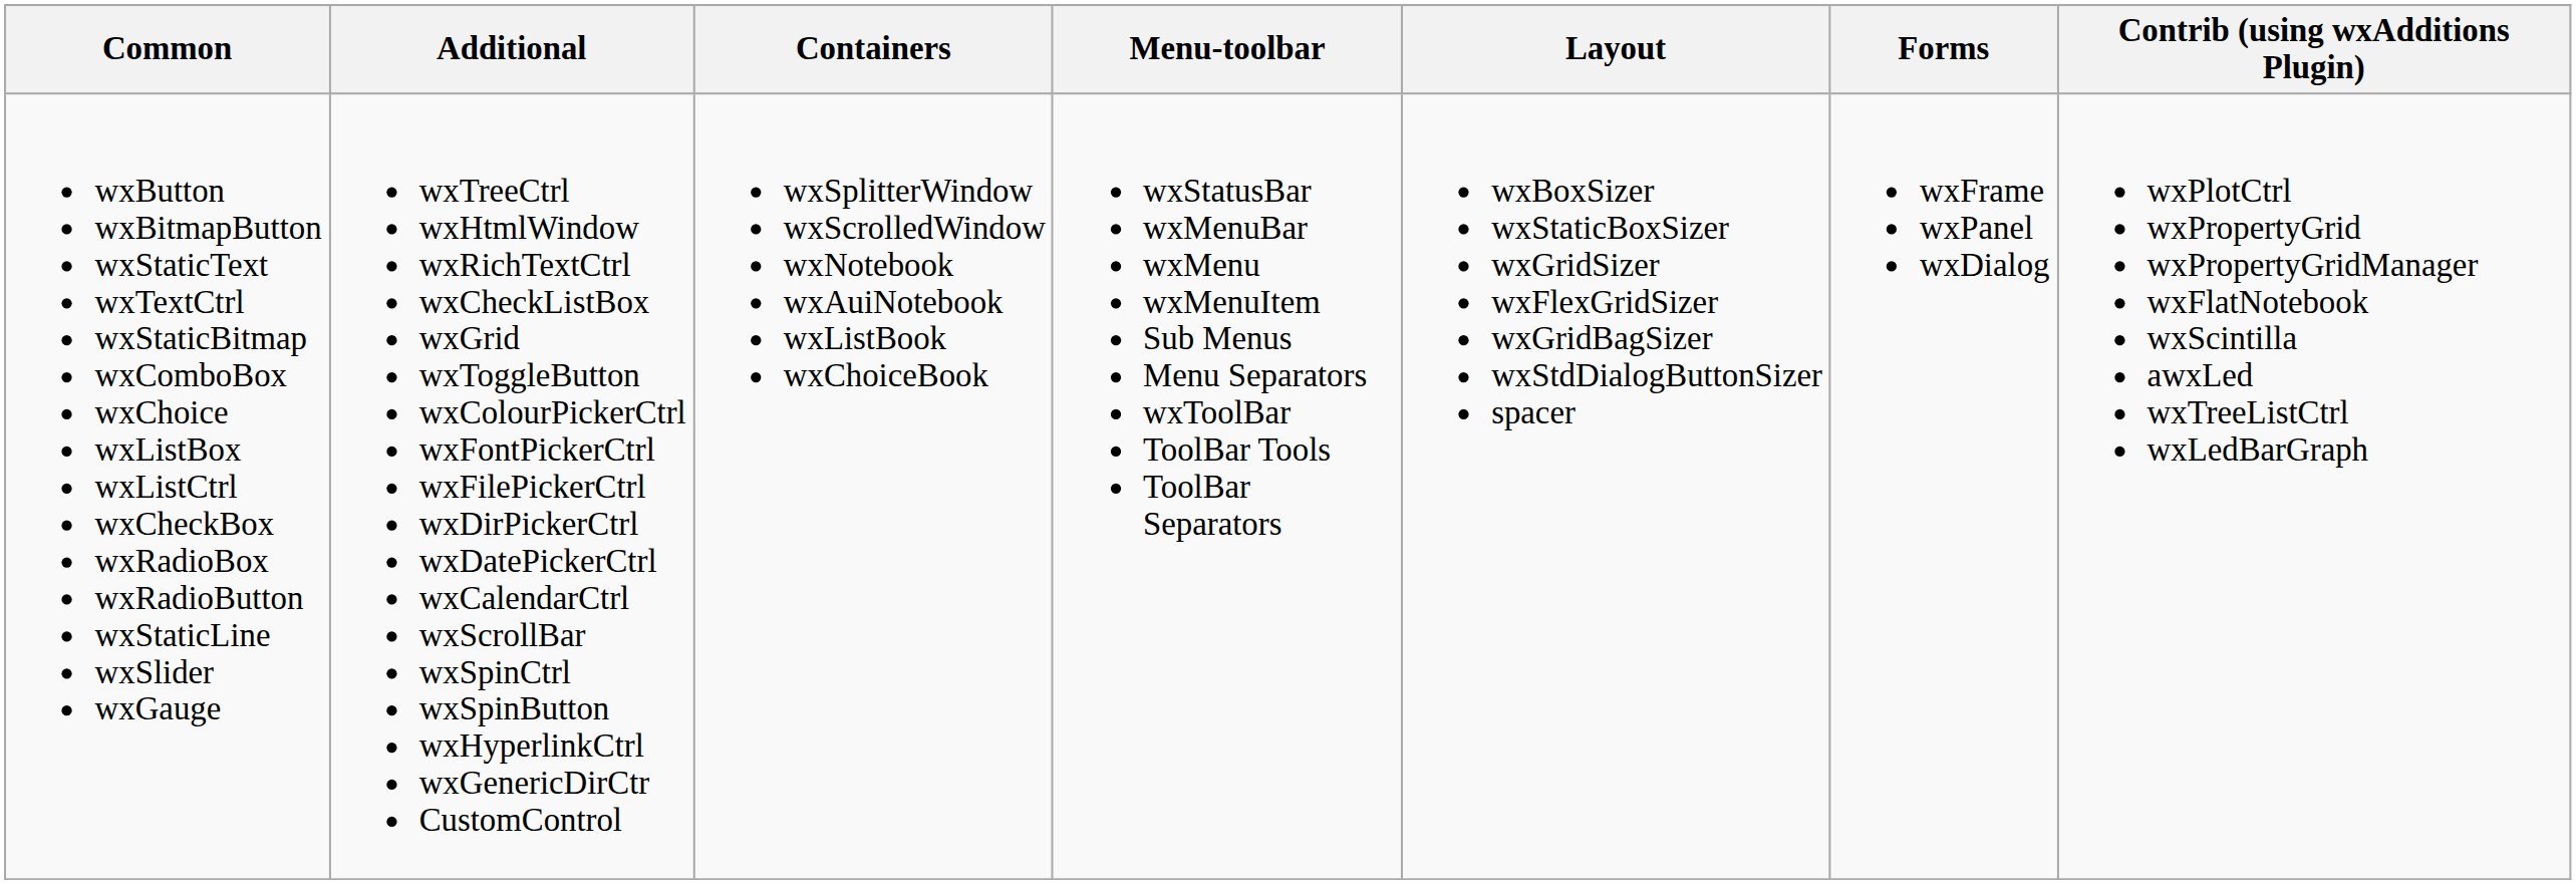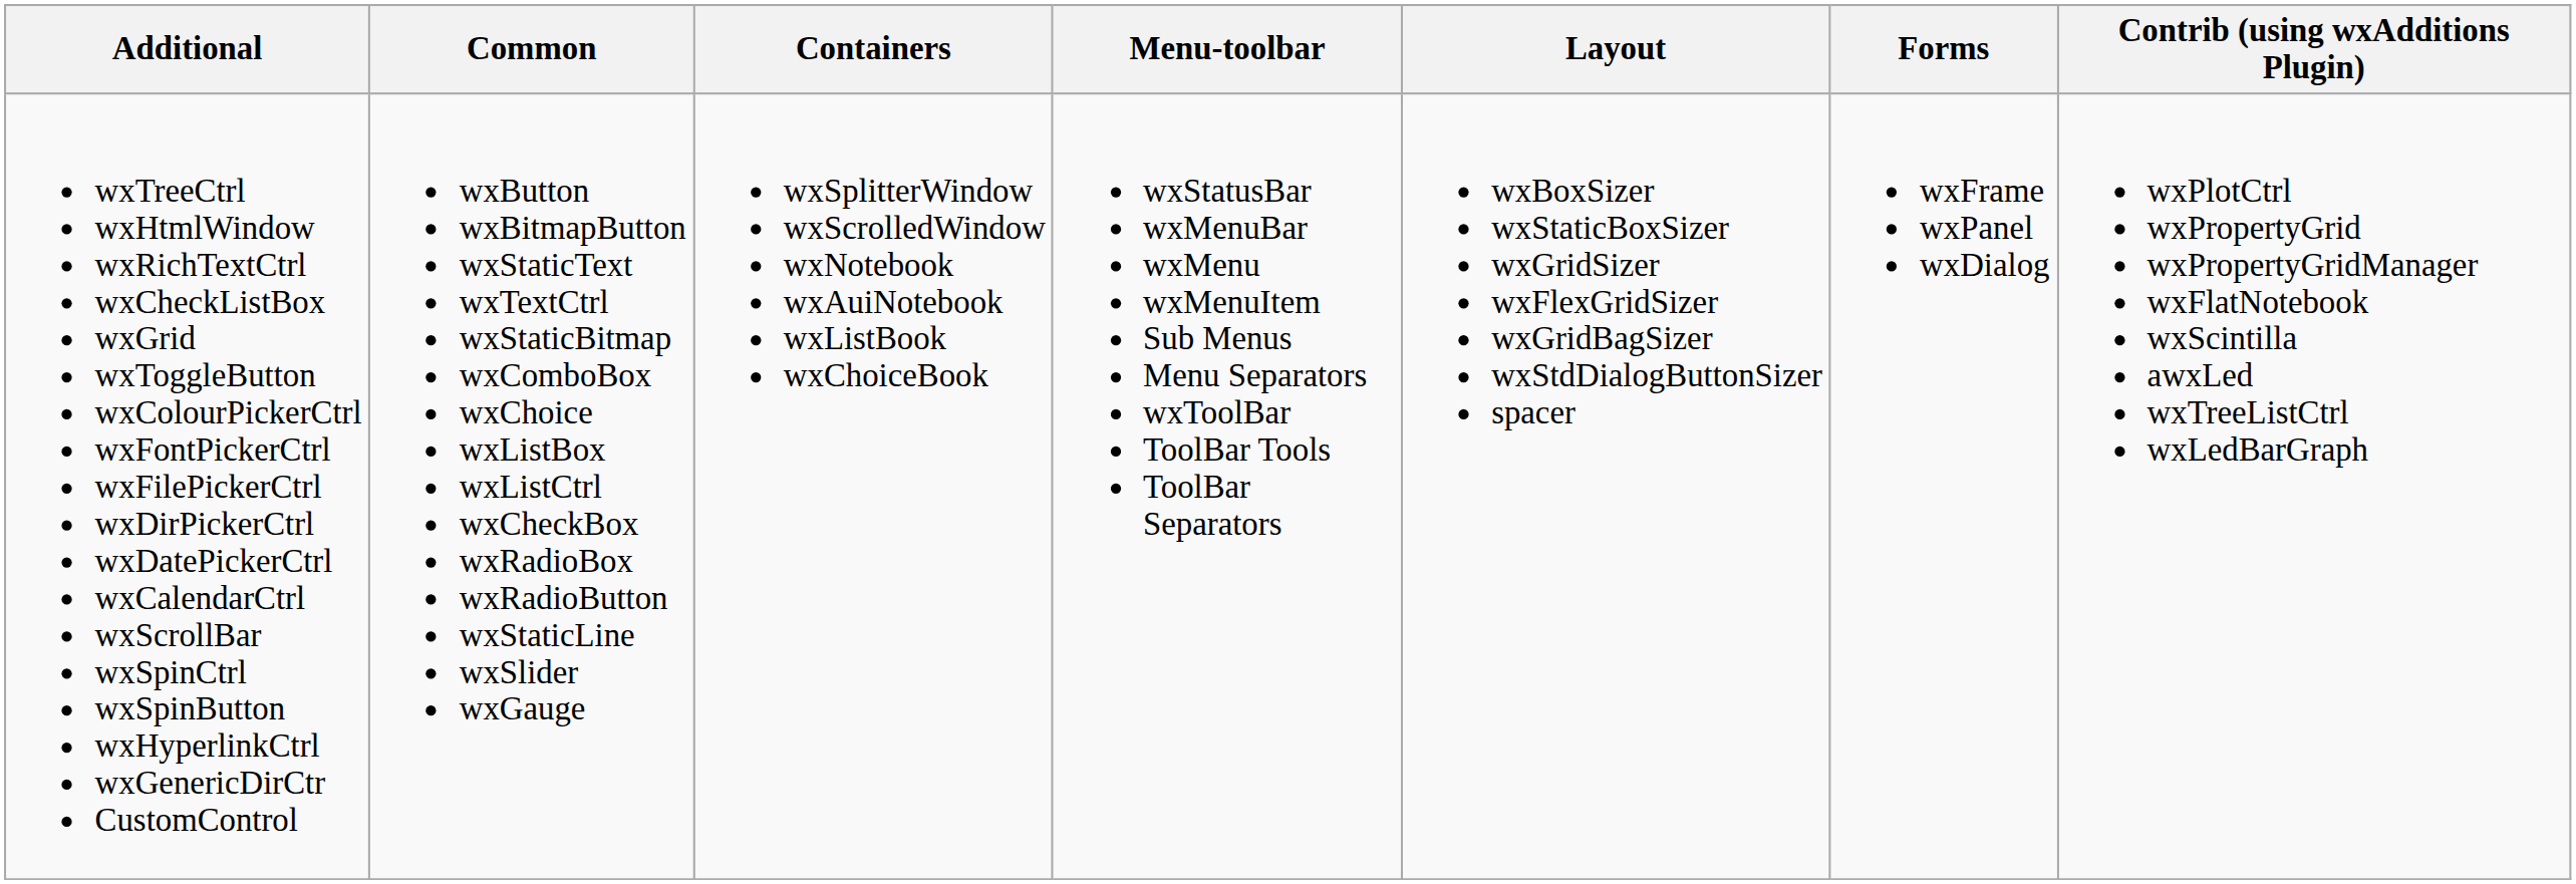 <table class="wikitable">
 <tr>
+<th>Additional</th>
 <th>Common</th>
-<th>Additional</th>
 <th>Containers</th>
 <th>Menu-toolbar</th>
 <th>Layout</th>
 <th>Forms</th>
 <th>Contrib (using wxAdditions Plugin)</th>
 </tr>
 <tr>
+<td valign="top"><br><ul><li>wxTreeCtrl</li><li>wxHtmlWindow</li><li>wxRichTextCtrl</li><li>wxCheckListBox</li><li>wxGrid</li><li>wxToggleButton</li><li>wxColourPickerCtrl</li><li>wxFontPickerCtrl</li><li>wxFilePickerCtrl</li><li>wxDirPickerCtrl</li><li>wxDatePickerCtrl</li><li>wxCalendarCtrl</li><li>wxScrollBar</li><li>wxSpinCtrl</li><li>wxSpinButton</li><li>wxHyperlinkCtrl</li><li>wxGenericDirCtr</li><li>CustomControl</li></ul></td>
 <td valign="top"><br><ul><li>wxButton</li><li>wxBitmapButton</li><li>wxStaticText</li><li>wxTextCtrl</li><li>wxStaticBitmap</li><li>wxComboBox</li><li>wxChoice</li><li>wxListBox</li><li>wxListCtrl</li><li>wxCheckBox</li><li>wxRadioBox</li><li>wxRadioButton</li><li>wxStaticLine</li><li>wxSlider</li><li>wxGauge</li></ul></td>
-<td valign="top"><br><ul><li>wxTreeCtrl</li><li>wxHtmlWindow</li><li>wxRichTextCtrl</li><li>wxCheckListBox</li><li>wxGrid</li><li>wxToggleButton</li><li>wxColourPickerCtrl</li><li>wxFontPickerCtrl</li><li>wxFilePickerCtrl</li><li>wxDirPickerCtrl</li><li>wxDatePickerCtrl</li><li>wxCalendarCtrl</li><li>wxScrollBar</li><li>wxSpinCtrl</li><li>wxSpinButton</li><li>wxHyperlinkCtrl</li><li>wxGenericDirCtr</li><li>CustomControl</li></ul></td>
 <td valign="top"><br><ul><li>wxSplitterWindow</li><li>wxScrolledWindow</li><li>wxNotebook</li><li>wxAuiNotebook</li><li>wxListBook</li><li>wxChoiceBook</li></ul></td>
 <td valign="top"><br><ul><li>wxStatusBar</li><li>wxMenuBar</li><li>wxMenu</li><li>wxMenuItem</li><li>Sub Menus</li><li>Menu Separators</li><li>wxToolBar</li><li>ToolBar Tools</li><li>ToolBar Separators</li></ul></td>
 <td valign="top"><br><ul><li>wxBoxSizer</li><li>wxStaticBoxSizer</li><li>wxGridSizer</li><li>wxFlexGridSizer</li><li>wxGridBagSizer</li><li>wxStdDialogButtonSizer</li><li>spacer</li></ul></td>
 <td valign="top"><br><ul><li>wxFrame</li><li>wxPanel</li><li>wxDialog</li></ul></td>
 <td valign="top"><br><ul><li>wxPlotCtrl</li><li>wxPropertyGrid</li><li>wxPropertyGridManager</li><li>wxFlatNotebook</li><li>wxScintilla</li><li>awxLed</li><li>wxTreeListCtrl</li><li>wxLedBarGraph</li></ul></td>
 </tr>
 </table>
